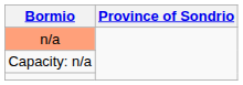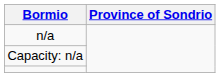 <table class="wikitable" style="text-align:center">
 <tr>
 <th><a href='#'>Bormio</a></th>
 <th><a href='#'>Province of Sondrio</a></th>
 </tr>
 <tr>
-<td style="background: lightsalmon;">n/a</td>
+<td>n/a</td>
 <td rowspan=3></td>
 </tr>
 <tr>
 <td>Capacity: n/a</td>
 </tr>
 <tr>
 <td></td>
 </tr>
 </table>
